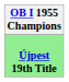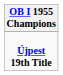 <table class="wikitable" style="text-align: center; margin: 0 auto;">
 <tr>
 <th><a href='#'>OB I</a> 1955<br>Champions</th>
 </tr>
 <tr>
 </tr>
 <tr>
-<td style="background: lightgreen;"> <br><strong><a href='#'>Újpest</a></strong><br><strong>19th Title</strong></td>
+<td> <br><strong><a href='#'>Újpest</a></strong><br><strong>19th Title</strong></td>
 </tr>
 </table>
